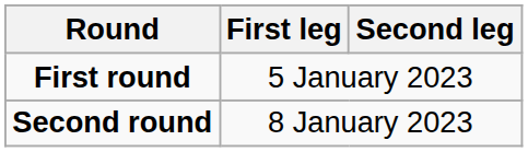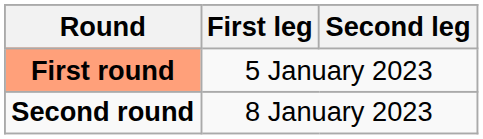 <table class=wikitable style="text-align:center; font-size:90%">
 <tr>
 <th>Round</th>
 <th>First leg</th>
 <th>Second leg</th>
 </tr>
 <tr>
-<td><strong>First round</strong></td>
+<td style="background: lightsalmon;"><strong>First round</strong></td>
 <td colspan=2>5 January 2023</td>
 </tr>
 <tr>
 <td><strong>Second round</strong></td>
 <td colspan=2>8 January 2023</td>
 </tr>
 </table>
